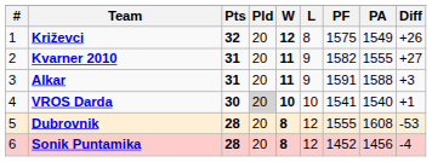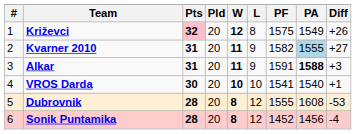 <table class=wikitable>
 <tr align=center>
 </tr>
 <tr>
 <th width=20>#</th>
 <th width=220>Team</th>
 <th width=20>Pts</th>
 <th width=20>Pld</th>
 <th width=20>W</th>
 <th width=20>L</th>
 <th width=20>PF</th>
 <th width=20>PA</th>
 <th width=20>Diff</th>
 </tr>
 <tr>
 <td>1</td>
 <td align="left"><strong><a href='#'>Križevci</a></strong></td>
-<td><strong>32</strong></td>
+<td style="background: pink;"><strong>32</strong></td>
 <td>20</td>
 <td><strong>12</strong></td>
 <td>8</td>
 <td>1575</td>
 <td>1549</td>
 <td>+26</td>
 </tr>
 <tr>
 <td>2</td>
 <td align="left"><strong><a href='#'>Kvarner 2010</a></strong></td>
 <td><strong>31</strong></td>
 <td>20</td>
 <td><strong>11</strong></td>
 <td>9</td>
 <td>1582</td>
-<td>1555</td>
+<td style="background: lightblue;">1555</td>
 <td>+27</td>
 </tr>
 <tr>
 <td>3</td>
 <td align="left"><strong><a href='#'>Alkar</a></strong></td>
 <td><strong>31</strong></td>
 <td>20</td>
 <td><strong>11</strong></td>
 <td>9</td>
 <td>1591</td>
-<td>1588</td>
+<td><strong>1588</strong></td>
 <td>+3</td>
 </tr>
 <tr>
 <td>4</td>
 <td align="left"><strong><a href='#'>VROS Darda</a></strong></td>
 <td><strong>30</strong></td>
-<td style="background: lightgrey;">20</td>
+<td>20</td>
 <td><strong>10</strong></td>
 <td>10</td>
 <td>1541</td>
 <td>1540</td>
 <td>+1</td>
 </tr>
 <tr bgcolor=FFEFD5>
 <td>5</td>
 <td align="left"><strong><a href='#'>Dubrovnik</a></strong></td>
 <td><strong>28</strong></td>
 <td>20</td>
 <td><strong>8</strong></td>
 <td>12</td>
 <td>1555</td>
 <td>1608</td>
 <td>-53</td>
 </tr>
 <tr bgcolor=FFCCCC>
 <td>6</td>
 <td align="left"><strong><a href='#'>Sonik Puntamika</a></strong></td>
 <td><strong>28</strong></td>
 <td>20</td>
 <td><strong>8</strong></td>
 <td>12</td>
 <td>1452</td>
 <td>1456</td>
 <td>-4</td>
 </tr>
 </table>
